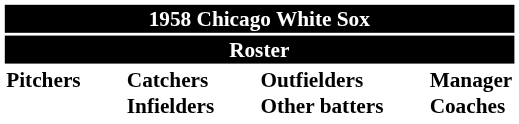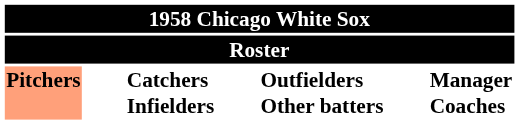 <table class="toccolours" style="font-size: 95%;">
 <tr>
 <th colspan="10" style="background-color: black; color: white; text-align: center;">1958 Chicago White Sox</th>
 </tr>
 <tr>
 <td colspan="10" style="background-color: black; color: white; text-align: center;"><strong>Roster</strong></td>
 </tr>
 <tr>
-<td valign="top"><strong>Pitchers</strong><br>                </td>
+<td valign="top" style="background: lightsalmon;"><strong>Pitchers</strong><br>                </td>
 <td width="25px"></td>
 <td valign="top"><strong>Catchers</strong><br>    <strong>Infielders</strong>         </td>
 <td width="25px"></td>
 <td valign="top"><strong>Outfielders</strong><br>         <strong>Other batters</strong> </td>
 <td width="25px"></td>
 <td valign="top"><strong>Manager</strong><br> <strong>Coaches</strong>    </td>
 </tr>
 </table>
